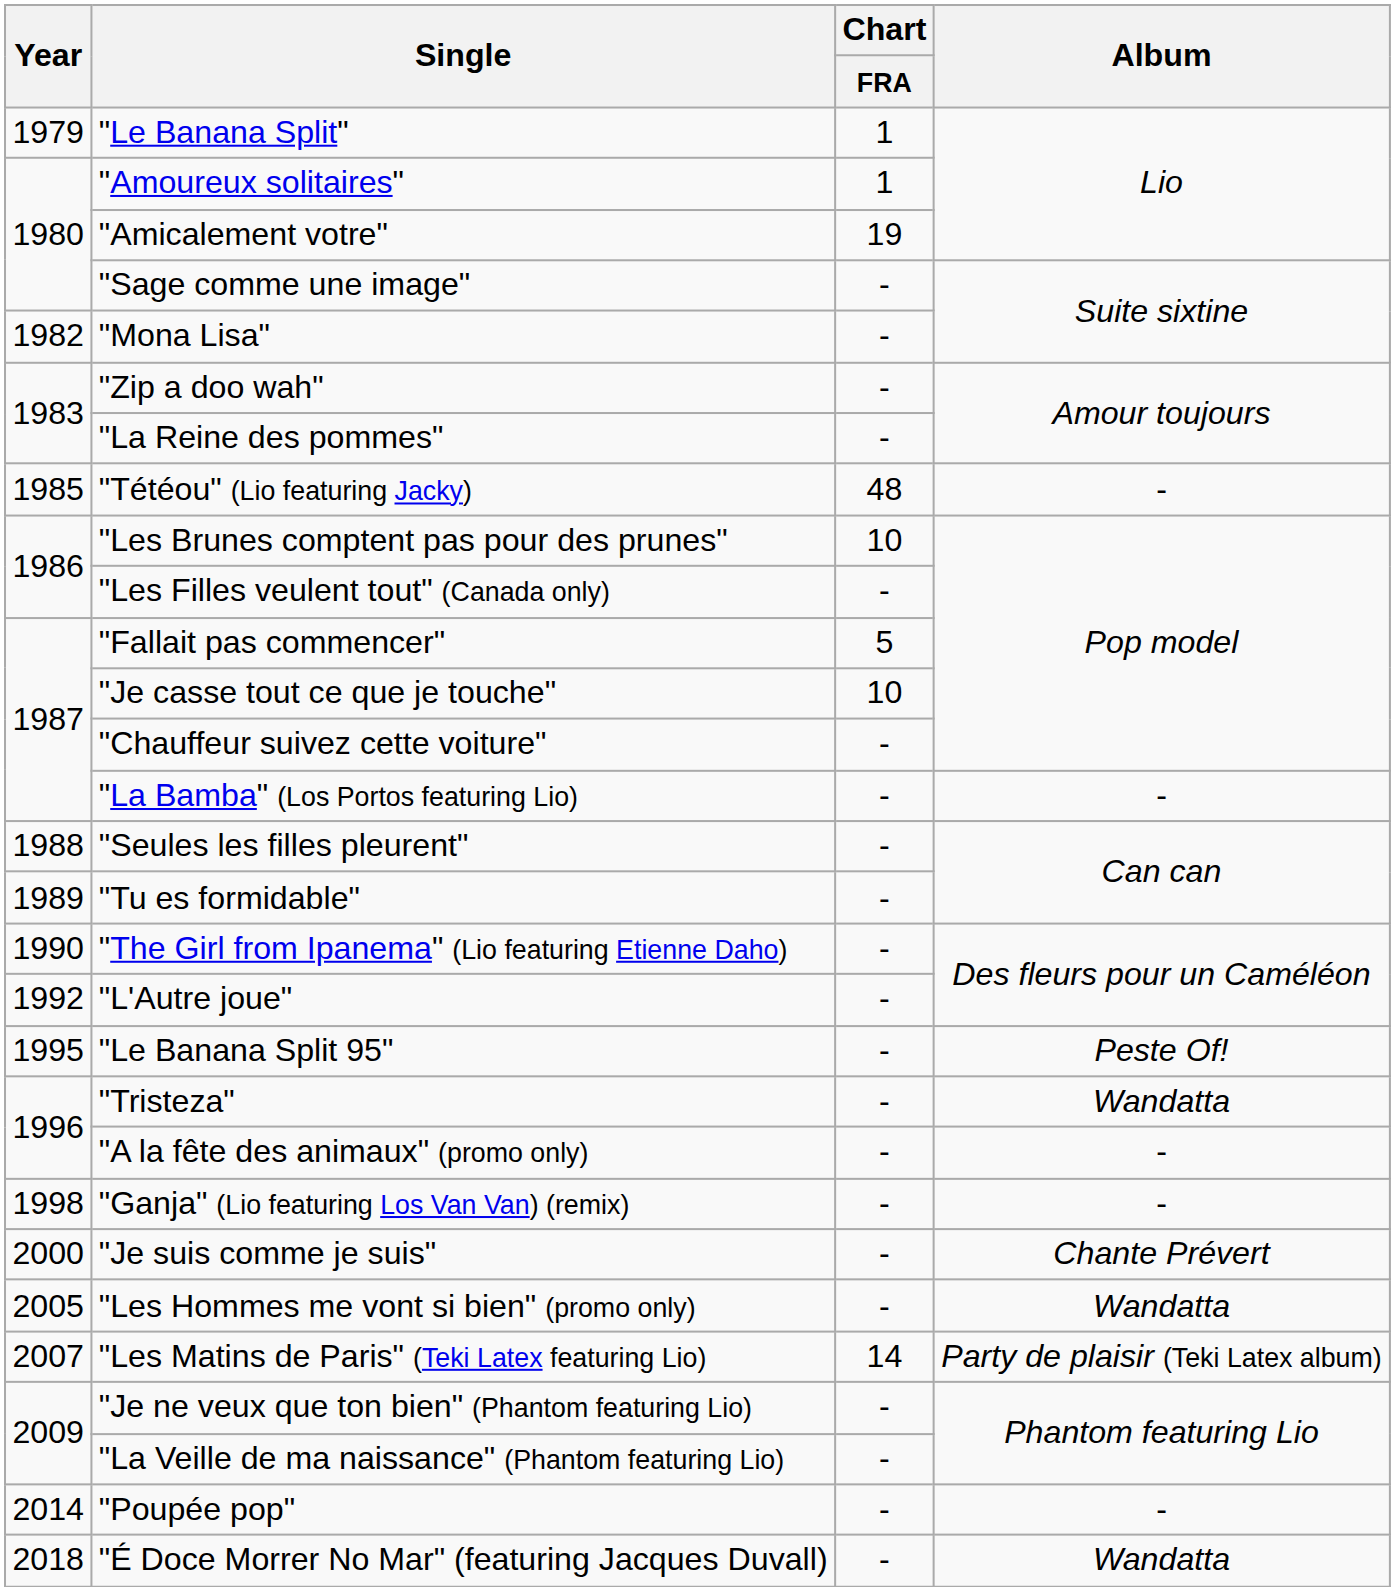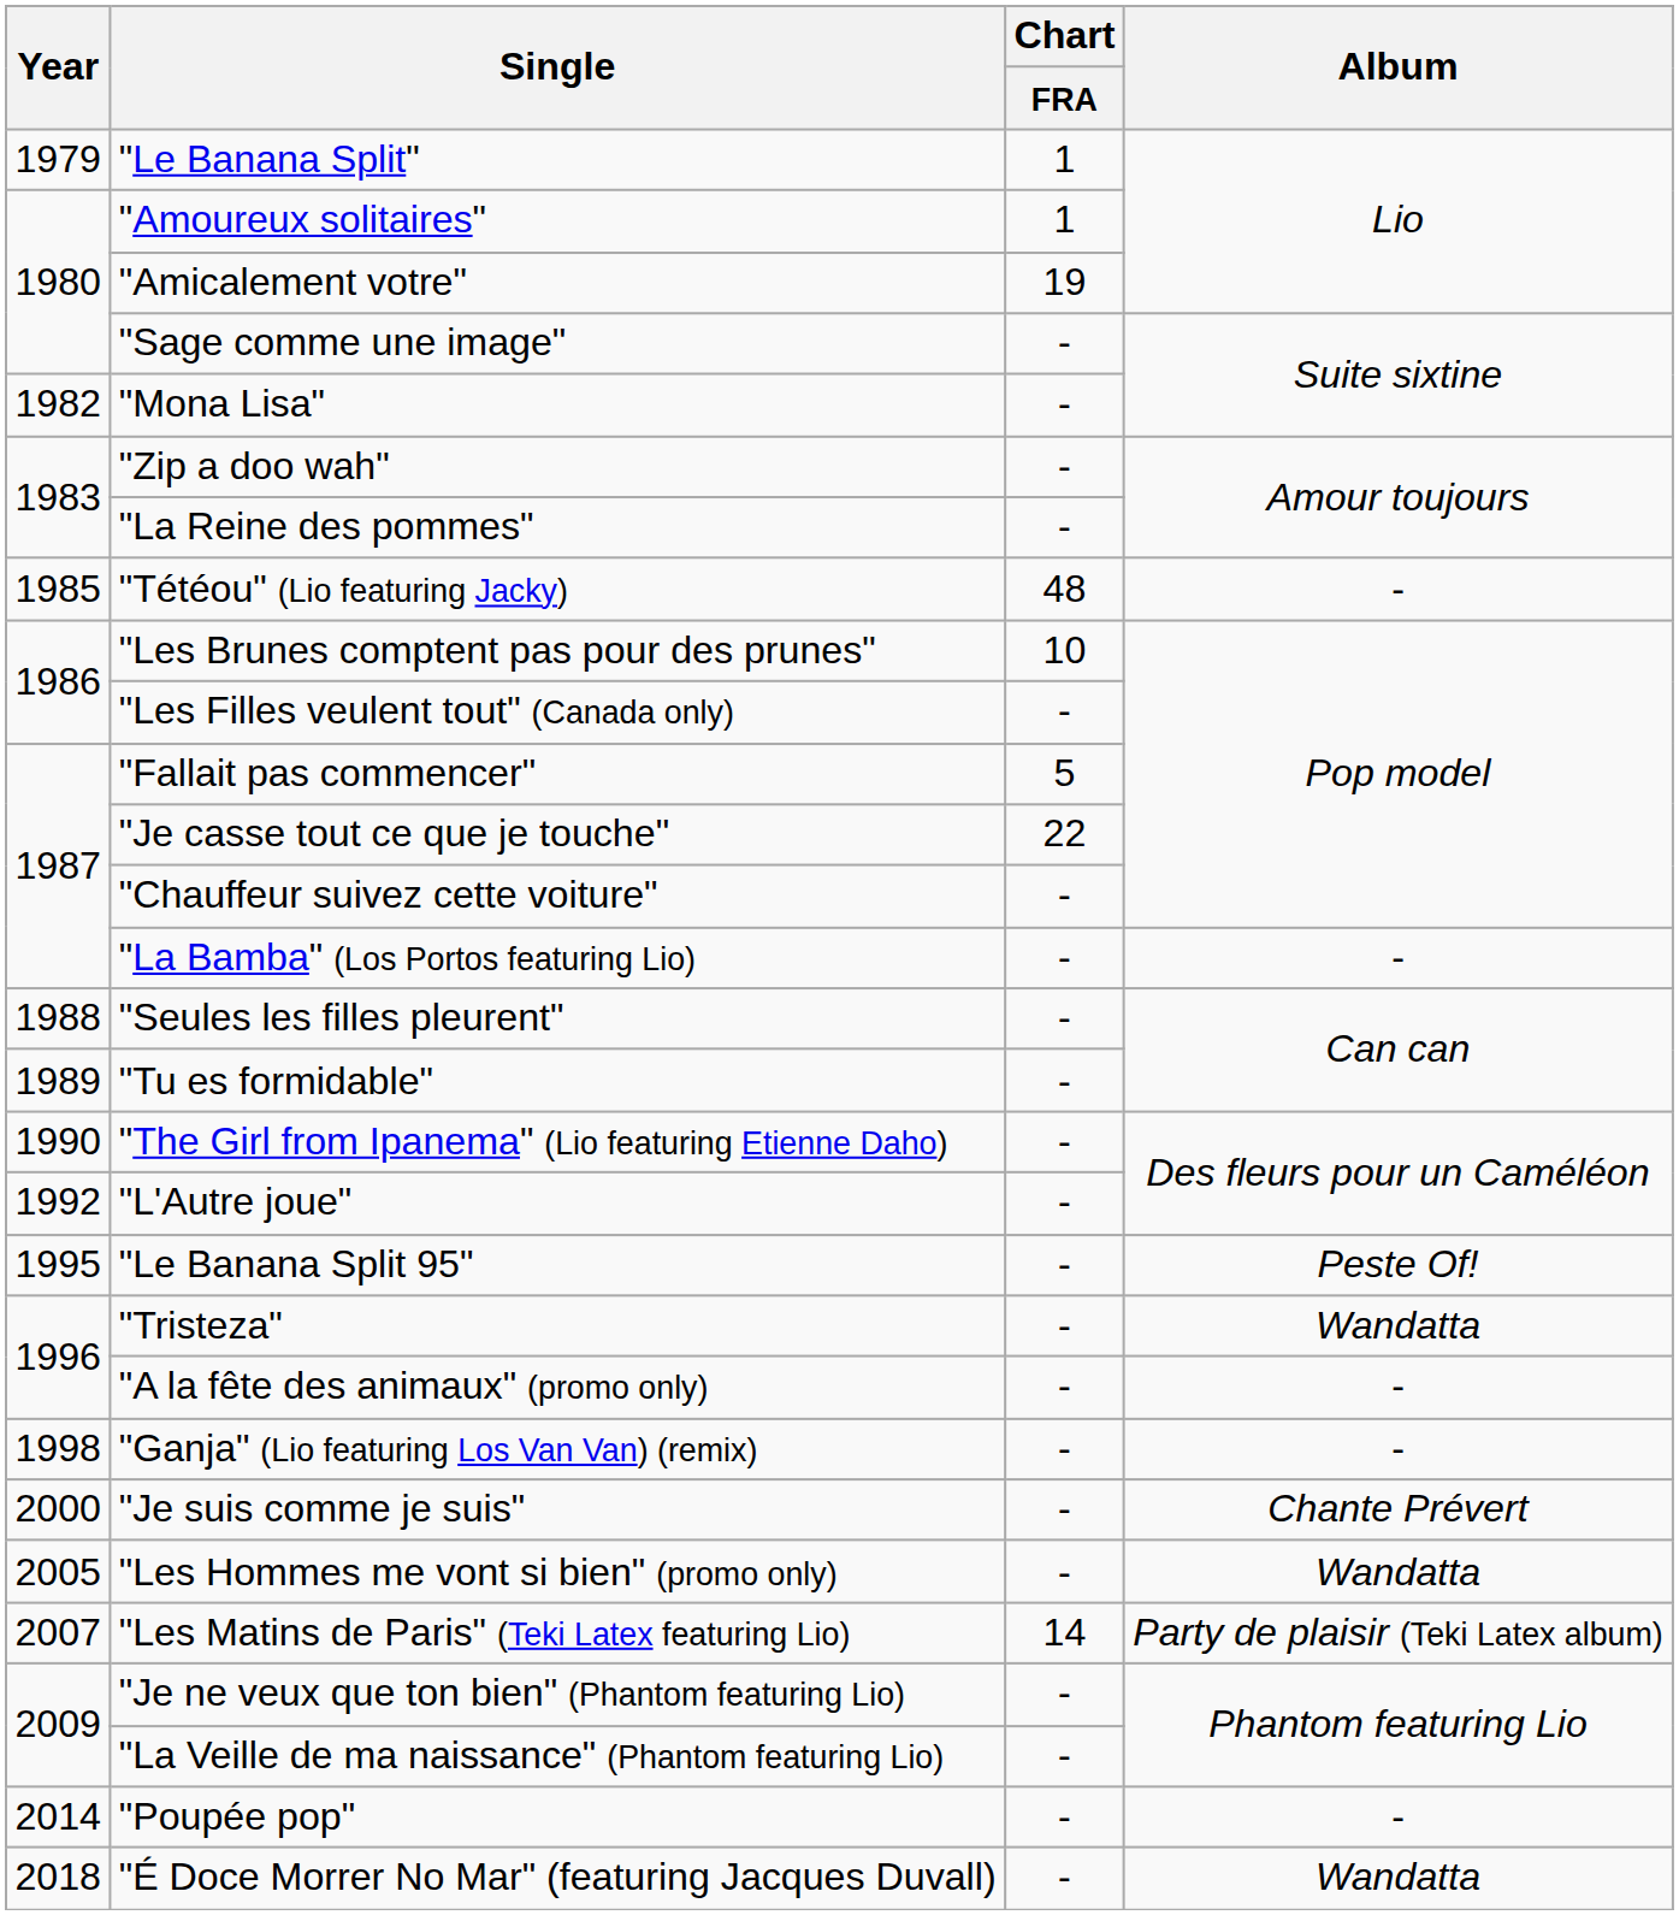 <table class="wikitable">
 <tr>
 <th align="center" rowspan="2">Year</th>
 <th align="center" rowspan="2">Single</th>
 <th align="center" colspan="1">Chart</th>
 <th align="center" rowspan="2">Album</th>
 </tr>
 <tr>
 <th width="40"><small>FRA</small></th>
 </tr>
 <tr>
 <td align="center" rowspan="1">1979</td>
 <td>"<a href='#'>Le Banana Split</a>"</td>
 <td align="center">1</td>
 <td align="center" rowspan="3"><em>Lio</em></td>
 </tr>
 <tr>
 <td align="center" rowspan="3">1980</td>
 <td>"<a href='#'>Amoureux solitaires</a>"</td>
 <td align="center">1</td>
 </tr>
 <tr>
 <td>"Amicalement votre"</td>
 <td align="center">19</td>
 </tr>
 <tr>
 <td>"Sage comme une image"</td>
 <td align="center">-</td>
 <td align="center" rowspan="2"><em>Suite sixtine</em></td>
 </tr>
 <tr>
 <td align="center" rowspan="1">1982</td>
 <td>"Mona Lisa"</td>
 <td align="center">-</td>
 </tr>
 <tr>
 <td align="center" rowspan="2">1983</td>
 <td>"Zip a doo wah"</td>
 <td align="center">-</td>
 <td align="center" rowspan="2"><em>Amour toujours</em></td>
 </tr>
 <tr>
 <td>"La Reine des pommes"</td>
 <td align="center">-</td>
 </tr>
 <tr>
 <td align="center" rowspan="1">1985</td>
 <td>"Tétéou" <small>(Lio featuring <a href='#'>Jacky</a>)</small></td>
 <td align="center">48</td>
 <td align="center" rowspan="1">-</td>
 </tr>
 <tr>
 <td align="center" rowspan="2">1986</td>
 <td>"Les Brunes comptent pas pour des prunes"</td>
 <td align="center">10</td>
 <td align="center" rowspan="5"><em>Pop model</em></td>
 </tr>
 <tr>
 <td>"Les Filles veulent tout" <small>(Canada only)</small></td>
 <td align="center">-</td>
 </tr>
 <tr>
 <td align="center" rowspan="4">1987</td>
 <td>"Fallait pas commencer"</td>
 <td align="center">5</td>
 </tr>
 <tr>
 <td>"Je casse tout ce que je touche"</td>
-<td align="center">10</td>
+<td align="center">22</td>
 </tr>
 <tr>
 <td>"Chauffeur suivez cette voiture"</td>
 <td align="center">-</td>
 </tr>
 <tr>
 <td>"<a href='#'>La Bamba</a>" <small>(Los Portos featuring Lio)</small></td>
 <td align="center">-</td>
 <td align="center" rowspan="1">-</td>
 </tr>
 <tr>
 <td align="center" rowspan="1">1988</td>
 <td>"Seules les filles pleurent"</td>
 <td align="center">-</td>
 <td align="center" rowspan="2"><em>Can can</em></td>
 </tr>
 <tr>
 <td align="center" rowspan="1">1989</td>
 <td>"Tu es formidable"</td>
 <td align="center">-</td>
 </tr>
 <tr>
 <td align="center" rowspan="1">1990</td>
 <td>"<a href='#'>The Girl from Ipanema</a>" <small>(Lio featuring <a href='#'>Etienne Daho</a>)</small></td>
 <td align="center">-</td>
 <td align="center" rowspan="2"><em>Des fleurs pour un Caméléon</em></td>
 </tr>
 <tr>
 <td align="center" rowspan="1">1992</td>
 <td>"L'Autre joue"</td>
 <td align="center">-</td>
 </tr>
 <tr>
 <td align="center" rowspan="1">1995</td>
 <td>"Le Banana Split 95"</td>
 <td align="center">-</td>
 <td align="center" rowspan="1"><em>Peste Of!</em></td>
 </tr>
 <tr>
 <td align="center" rowspan="2">1996</td>
 <td>"Tristeza"</td>
 <td align="center">-</td>
 <td align="center" rowspan="1"><em>Wandatta</em></td>
 </tr>
 <tr>
 <td>"A la fête des animaux" <small>(promo only)</small></td>
 <td align="center">-</td>
 <td align="center" rowspan="1">-</td>
 </tr>
 <tr>
 <td align="center" rowspan="1">1998</td>
 <td>"Ganja" <small>(Lio featuring <a href='#'>Los Van Van</a>) (remix)</small></td>
 <td align="center">-</td>
 <td align="center" rowspan="1">-</td>
 </tr>
 <tr>
 <td align="center" rowspan="1">2000</td>
 <td>"Je suis comme je suis"</td>
 <td align="center">-</td>
 <td align="center" rowspan="1"><em>Chante Prévert</em></td>
 </tr>
 <tr>
 <td align="center" rowspan="1">2005</td>
 <td>"Les Hommes me vont si bien" <small>(promo only)</small></td>
 <td align="center">-</td>
 <td align="center" rowspan="1"><em>Wandatta</em></td>
 </tr>
 <tr>
 <td align="center" rowspan="1">2007</td>
 <td>"Les Matins de Paris" <small>(<a href='#'>Teki Latex</a> featuring Lio)</small></td>
 <td align="center">14</td>
 <td align="center" rowspan="1"><em>Party de plaisir</em> <small>(Teki Latex album)</small></td>
 </tr>
 <tr>
 <td align="center" rowspan="2">2009</td>
 <td>"Je ne veux que ton bien" <small>(Phantom featuring Lio)</small></td>
 <td align="center">-</td>
 <td align="center" rowspan="2"><em>Phantom featuring Lio</em></td>
 </tr>
 <tr>
 <td>"La Veille de ma naissance" <small>(Phantom featuring Lio)</small></td>
 <td align="center">-</td>
 </tr>
 <tr>
 <td align="center" rowspan="1">2014</td>
 <td>"Poupée pop"</td>
 <td align="center">-</td>
 <td align="center" rowspan="1">-</td>
 </tr>
 <tr>
 <td align="center">2018</td>
 <td>"É Doce Morrer No Mar" (featuring Jacques Duvall)</td>
 <td align="center">-</td>
 <td align="center" rowspan="1"><em>Wandatta</em></td>
 </tr>
 <tr>
 </tr>
 </table>
